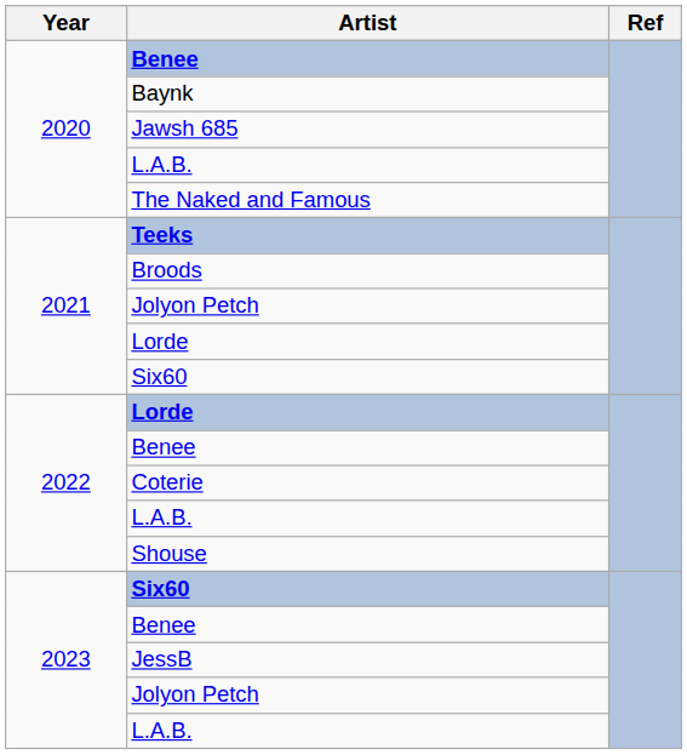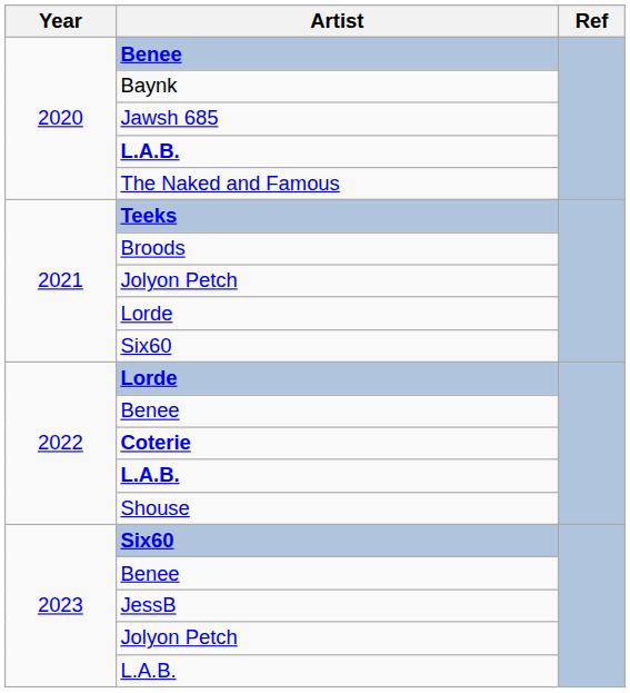 <table class="wikitable" style="width:55%;">
 <tr style="background:#bebebe;">
 <th style="width:10%;">Year</th>
 <th style="width:40%;">Artist</th>
 <th style="width:5%;">Ref</th>
 </tr>
 <tr>
 <td rowspan="6" align="center"><a href='#'>2020</a></td>
 </tr>
 <tr style="background:#B0C4DE">
 <td><strong><a href='#'>Benee</a></strong></td>
 <td rowspan="6" align="center"></td>
 </tr>
 <tr>
 <td>Baynk</td>
 </tr>
 <tr>
 <td><a href='#'>Jawsh 685</a></td>
 </tr>
 <tr>
-<td><a href='#'>L.A.B.</a></td>
+<td><strong><a href='#'>L.A.B.</a></strong></td>
 </tr>
 <tr>
 <td><a href='#'>The Naked and Famous</a></td>
 </tr>
 <tr>
 <td rowspan="6" align="center"><a href='#'>2021</a></td>
 </tr>
 <tr style="background:#B0C4DE">
 <td><strong><a href='#'>Teeks</a></strong></td>
 <td rowspan="6" align="center"></td>
 </tr>
 <tr>
 <td><a href='#'>Broods</a></td>
 </tr>
 <tr>
 <td><a href='#'>Jolyon Petch</a></td>
 </tr>
 <tr>
 <td><a href='#'>Lorde</a></td>
 </tr>
 <tr>
 <td><a href='#'>Six60</a></td>
 </tr>
 <tr>
 <td rowspan="6" align="center"><a href='#'>2022</a></td>
 </tr>
 <tr style="background:#B0C4DE">
 <td><strong><a href='#'>Lorde</a></strong></td>
 <td rowspan="6" align="center"></td>
 </tr>
 <tr>
 <td><a href='#'>Benee</a></td>
 </tr>
 <tr>
-<td><a href='#'>Coterie</a></td>
+<td><strong><a href='#'>Coterie</a></strong></td>
 </tr>
 <tr>
-<td><a href='#'>L.A.B.</a></td>
+<td><strong><a href='#'>L.A.B.</a></strong></td>
 </tr>
 <tr>
 <td><a href='#'>Shouse</a></td>
 </tr>
 <tr>
 <td rowspan="6" align="center"><a href='#'>2023</a></td>
 </tr>
 <tr style="background:#B0C4DE">
 <td><strong><a href='#'>Six60</a></strong></td>
 <td rowspan="6" align="center"></td>
 </tr>
 <tr>
 <td><a href='#'>Benee</a></td>
 </tr>
 <tr>
 <td><a href='#'>JessB</a></td>
 </tr>
 <tr>
 <td><a href='#'>Jolyon Petch</a></td>
 </tr>
 <tr>
 <td><a href='#'>L.A.B.</a></td>
 </tr>
 </table>
